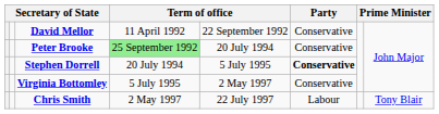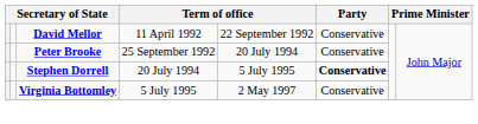 <table class="wikitable" style="text-align:center">
 <tr>
 <th colspan=3>Secretary of State</th>
 <th colspan=2>Term of office</th>
 <th>Party</th>
 <th colspan=2>Prime Minister</th>
 </tr>
 <tr style="height:1em">
 <th style="background-color:"></th>
 <td></td>
 <td><strong><a href='#'>David Mellor</a></strong><br></td>
 <td>11 April 1992</td>
 <td>22 September 1992</td>
 <td>Conservative</td>
 <td rowspan=4 style="background-color:"></td>
 <td rowspan=4><a href='#'>John Major</a></td>
 </tr>
 <tr style="height:1em">
 <th style="background-color:"></th>
 <td></td>
 <td><a href='#'><strong>Peter Brooke</strong></a><br></td>
-<td style="background: lightgreen;">25 September 1992</td>
+<td>25 September 1992</td>
 <td>20 July 1994</td>
 <td>Conservative</td>
 </tr>
 <tr style="height:1em">
 <th style="background-color:"></th>
 <td></td>
 <td><strong><a href='#'>Stephen Dorrell</a></strong><br></td>
 <td>20 July 1994</td>
 <td>5 July 1995</td>
 <td><strong>Conservative</strong></td>
 </tr>
 <tr style="height:1em">
 <th style="background-color:"></th>
 <td></td>
 <td><strong><a href='#'>Virginia Bottomley</a></strong><br></td>
 <td>5 July 1995</td>
 <td>2 May 1997</td>
 <td>Conservative</td>
 </tr>
-<tr style="height:1em">
-<th style="background-color:"></th>
-<td></td>
-<td><a href='#'><strong>Chris Smith</strong></a><br></td>
-<td>2 May 1997</td>
-<td>22 July 1997</td>
-<td>Labour</td>
-<td style="background-color:"></td>
-<td><a href='#'>Tony Blair</a></td>
-</tr>
 </table>
